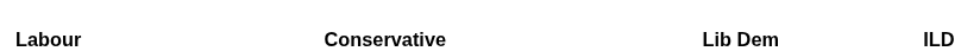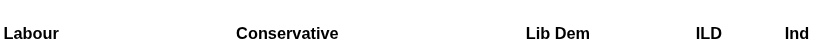 <table style="width:100%; text-align:center;">
 <tr style="color:white;">
 <td style="background:"><strong>13</strong></td>
 <td style="background:"><strong>21</strong></td>
 <td style="background:"><strong>13</strong></td>
 <td style="background:"><strong>1</strong></td>
+<td style="background:"><strong>3</strong></td>
 </tr>
 <tr>
 <td><span><strong>Labour</strong></span></td>
 <td><span><strong>Conservative</strong></span></td>
 <td><span><strong>Lib Dem</strong></span></td>
 <td><span><strong>ILD</strong></span></td>
+<td><span><strong>Ind</strong></span></td>
 </tr>
 </table>
